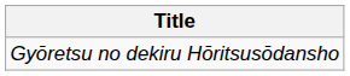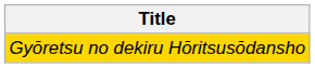 <table class="wikitable">
 <tr>
 <th>Title</th>
 </tr>
 <tr>
-<td><em>Gyōretsu no dekiru Hōritsusōdansho</em></td>
+<td style="background: gold;"><em>Gyōretsu no dekiru Hōritsusōdansho</em></td>
 </tr>
 </table>
